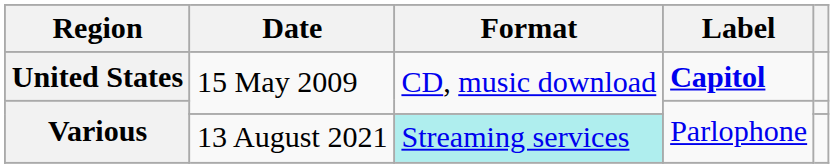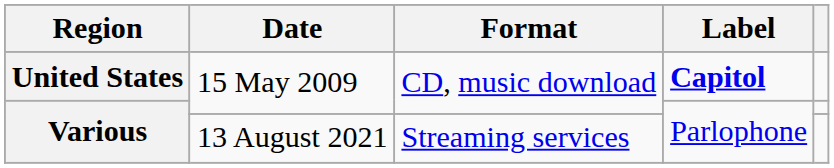 <table class="wikitable plainrowheaders">
 <tr>
 <th scope="col">Region</th>
 <th scope="col">Date</th>
 <th scope="col">Format</th>
 <th scope="col">Label</th>
 <th scope="col"></th>
 </tr>
 <tr>
 <th scope="row">United States</th>
 <td rowspan="2">15 May 2009</td>
 <td rowspan="2"><a href='#'>CD</a>, <a href='#'>music download</a></td>
 <td><strong><a href='#'>Capitol</a></strong></td>
 <td></td>
 </tr>
 <tr>
 <th rowspan="2" scope="row">Various</th>
 <td rowspan="2"><a href='#'>Parlophone</a></td>
 <td></td>
 </tr>
 <tr>
 <td>13 August 2021</td>
-<td style="background: paleturquoise;"><a href='#'>Streaming services</a></td>
+<td><a href='#'>Streaming services</a></td>
 <td></td>
 </tr>
 </table>
